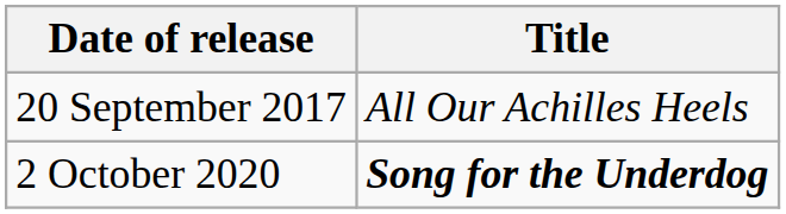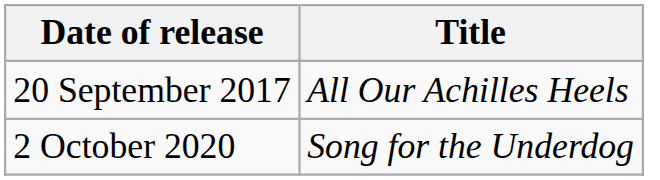 <table class="wikitable">
 <tr>
 <th>Date of release</th>
 <th>Title</th>
 </tr>
 <tr>
 <td>20 September 2017</td>
 <td><em>All Our Achilles Heels</em></td>
 </tr>
 <tr>
 <td>2 October 2020</td>
-<td><strong><em>Song for the Underdog</em></strong></td>
+<td><em>Song for the Underdog</em></td>
 </tr>
 </table>
